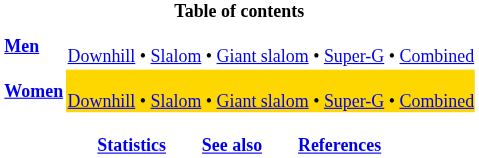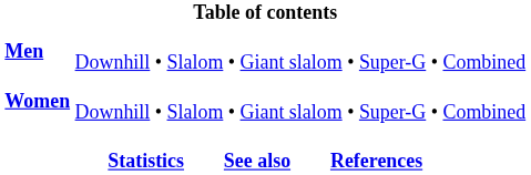 <table class="toc">
 <tr>
 <th colspan=2>Table of contents</th>
 </tr>
 <tr>
 <td width=50px><strong><a href='#'>Men</a></strong></td>
 <td><br><a href='#'>Downhill</a> • <a href='#'>Slalom</a> • <a href='#'>Giant slalom</a> • <a href='#'>Super-G</a> • <a href='#'>Combined</a></td>
 </tr>
 <tr>
 <td><strong><a href='#'>Women</a></strong></td>
-<td style="background: gold;"><br><a href='#'>Downhill</a> • <a href='#'>Slalom</a> • <a href='#'>Giant slalom</a> • <a href='#'>Super-G</a> • <a href='#'>Combined</a></td>
+<td><br><a href='#'>Downhill</a> • <a href='#'>Slalom</a> • <a href='#'>Giant slalom</a> • <a href='#'>Super-G</a> • <a href='#'>Combined</a></td>
 </tr>
 <tr>
 <td colspan=2 align=center><br><strong><a href='#'>Statistics</a></strong>        <strong><a href='#'>See also</a></strong>        <strong><a href='#'>References</a></strong></td>
 </tr>
 </table>
